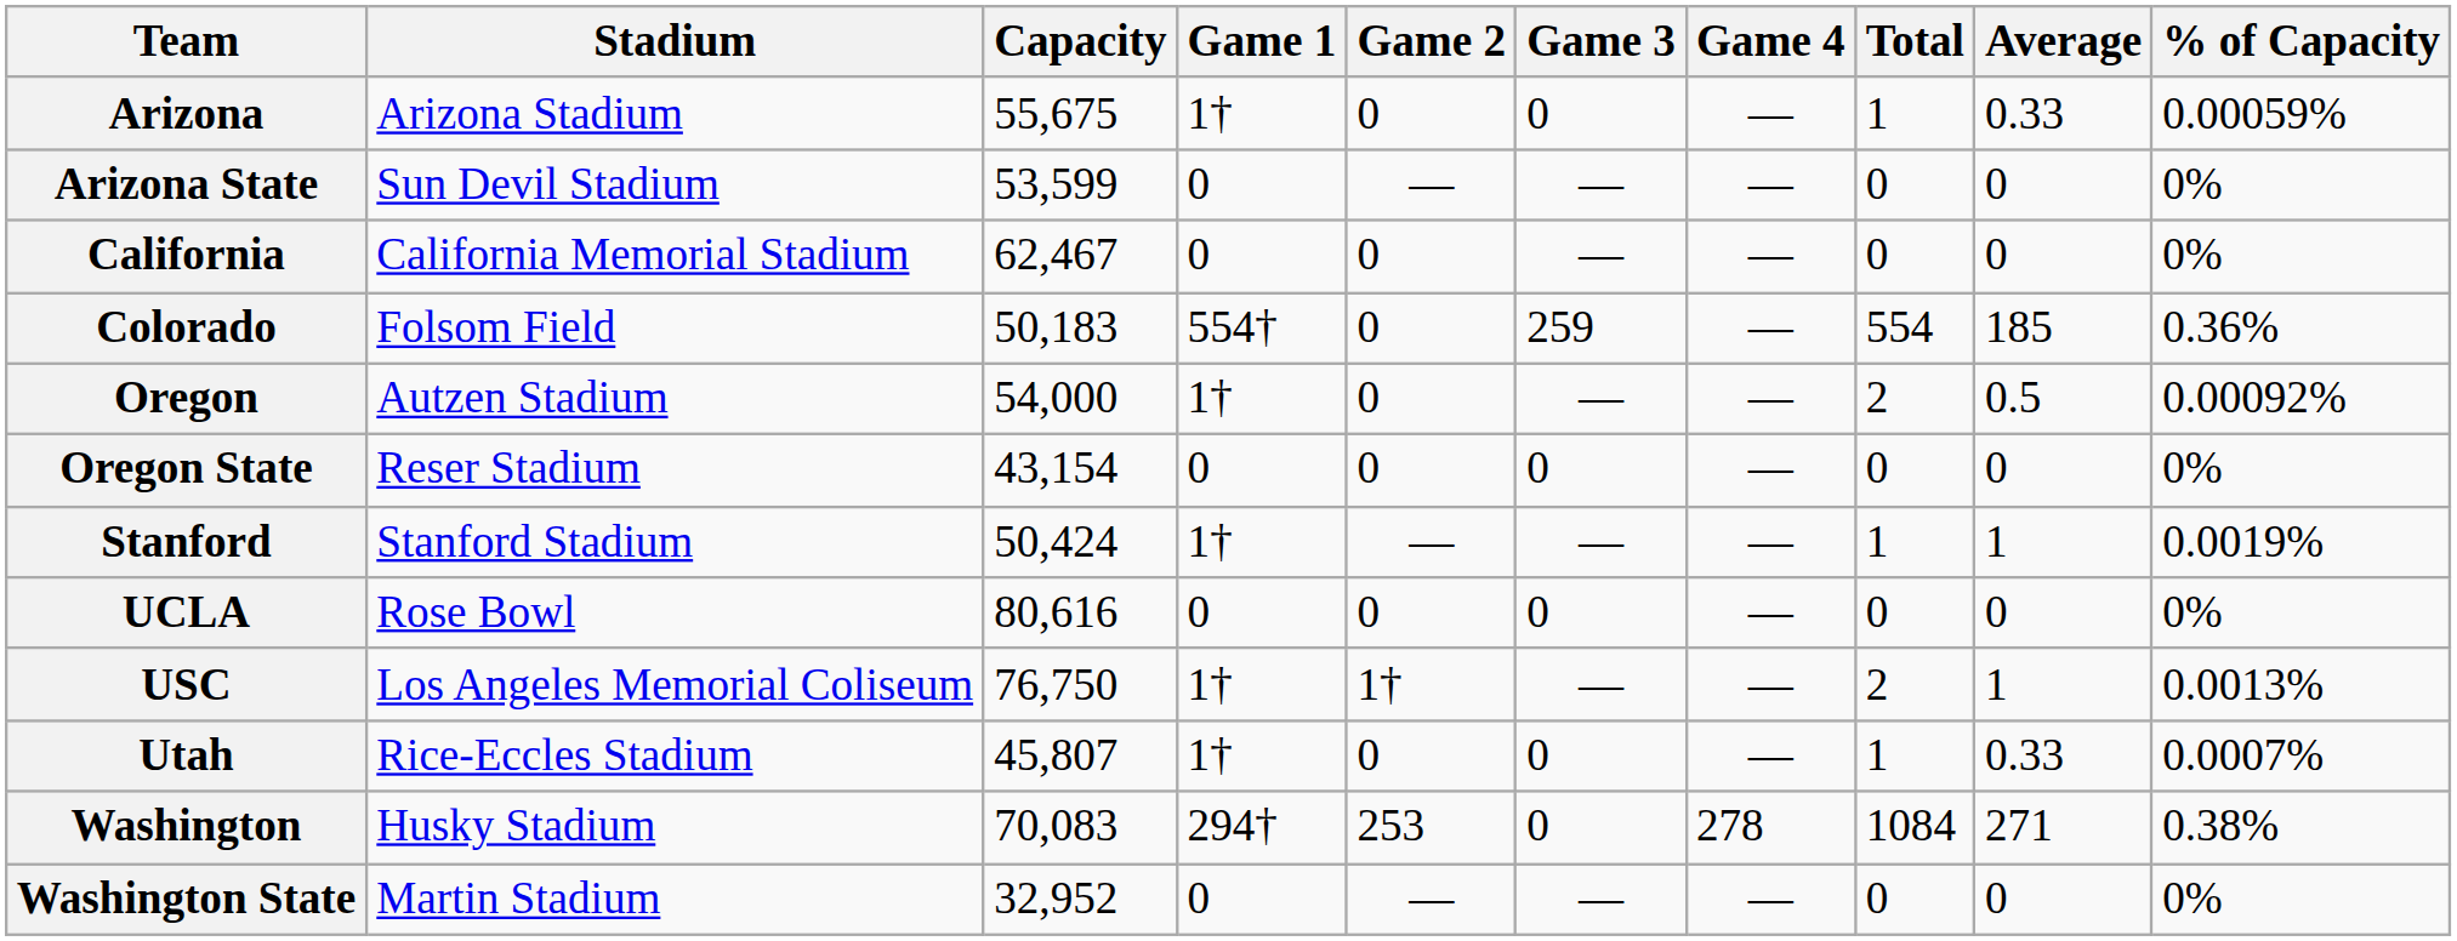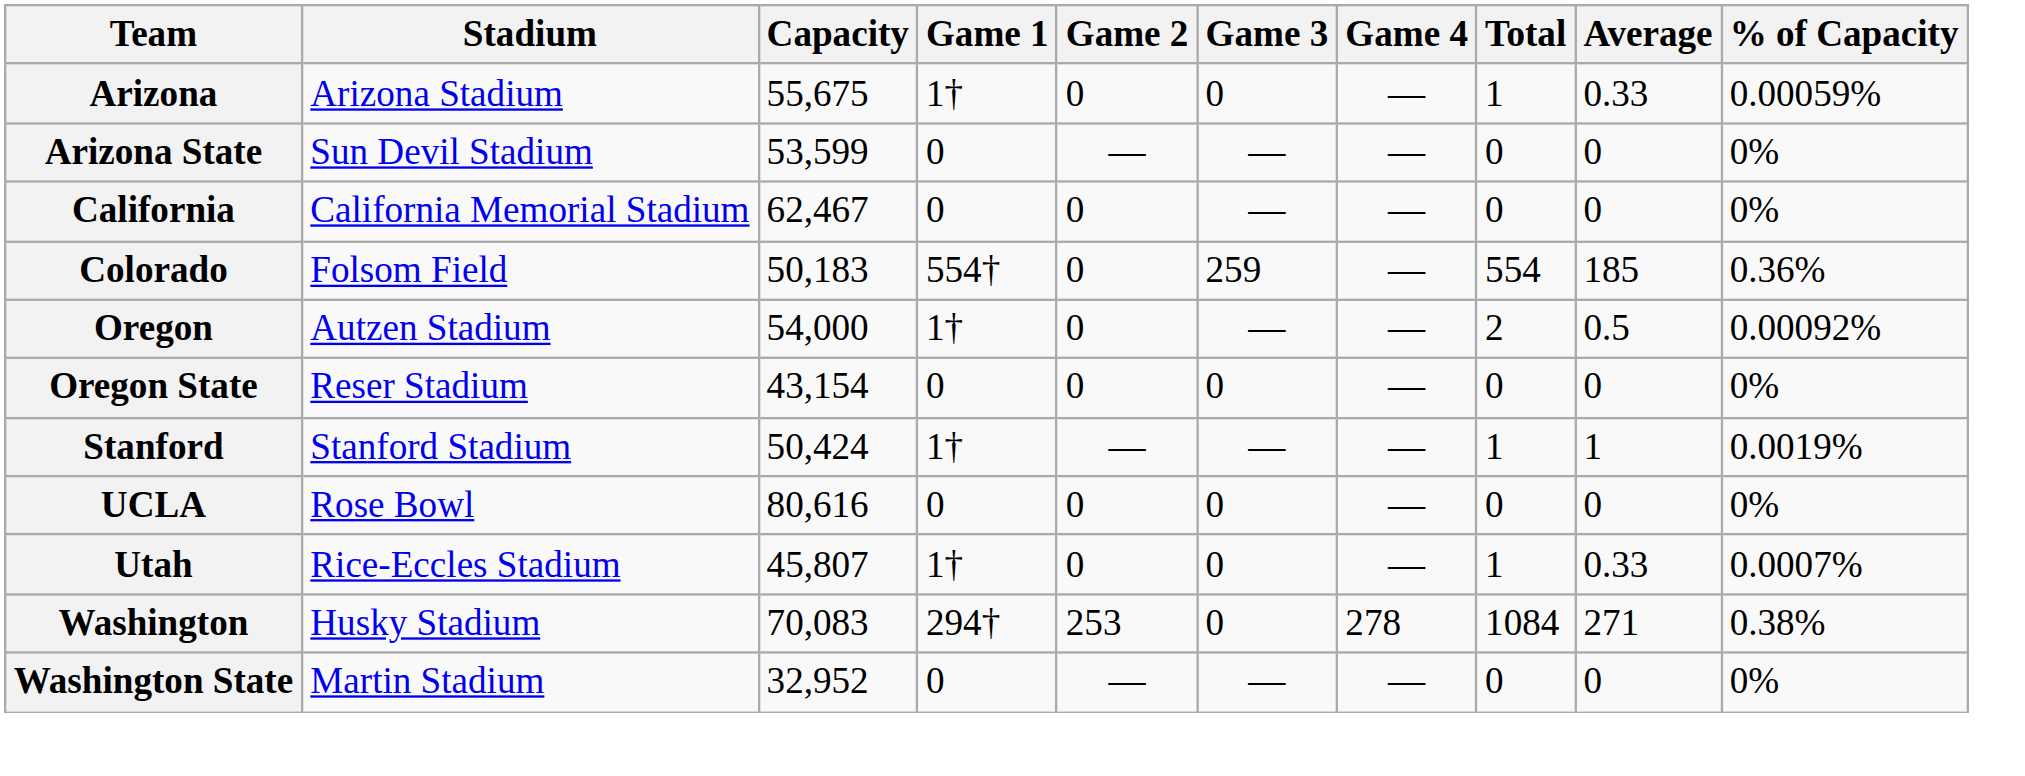 <table class="wikitable">
 <tr>
 <th>Team</th>
 <th>Stadium</th>
 <th>Capacity</th>
 <th>Game 1</th>
 <th>Game 2</th>
 <th>Game 3</th>
 <th>Game 4</th>
 <th>Total</th>
 <th>Average</th>
 <th>% of Capacity</th>
 </tr>
 <tr>
 <th>Arizona</th>
 <td><a href='#'>Arizona Stadium</a></td>
 <td>55,675</td>
 <td>1†</td>
 <td>0</td>
 <td>0</td>
 <td style="text-align:center;">—</td>
 <td>1</td>
 <td>0.33</td>
 <td>0.00059%</td>
 </tr>
 <tr>
 <th>Arizona State</th>
 <td><a href='#'>Sun Devil Stadium</a></td>
 <td>53,599</td>
 <td>0</td>
 <td style="text-align:center;">—</td>
 <td style="text-align:center;">—</td>
 <td style="text-align:center;">—</td>
 <td>0</td>
 <td>0</td>
 <td>0%</td>
 </tr>
 <tr>
 <th>California</th>
 <td><a href='#'>California Memorial Stadium</a></td>
 <td>62,467</td>
 <td>0</td>
 <td>0</td>
 <td style="text-align:center;">—</td>
 <td style="text-align:center;">—</td>
 <td>0</td>
 <td>0</td>
 <td>0%</td>
 </tr>
 <tr>
 <th>Colorado</th>
 <td><a href='#'>Folsom Field</a></td>
 <td>50,183</td>
 <td>554†</td>
 <td>0</td>
 <td>259</td>
 <td style="text-align:center;">—</td>
 <td>554</td>
 <td>185</td>
 <td>0.36%</td>
 </tr>
 <tr>
 <th>Oregon</th>
 <td><a href='#'>Autzen Stadium</a></td>
 <td>54,000</td>
 <td>1†</td>
 <td>0</td>
 <td style="text-align:center;">—</td>
 <td style="text-align:center;">—</td>
 <td>2</td>
 <td>0.5</td>
 <td>0.00092%</td>
 </tr>
 <tr>
 <th>Oregon State</th>
 <td><a href='#'>Reser Stadium</a></td>
 <td>43,154</td>
 <td>0</td>
 <td>0</td>
 <td>0</td>
 <td style="text-align:center;">—</td>
 <td>0</td>
 <td>0</td>
 <td>0%</td>
 </tr>
 <tr>
 <th>Stanford</th>
 <td><a href='#'>Stanford Stadium</a></td>
 <td>50,424</td>
 <td>1†</td>
 <td style="text-align:center;">—</td>
 <td style="text-align:center;">—</td>
 <td style="text-align:center;">—</td>
 <td>1</td>
 <td>1</td>
 <td>0.0019%</td>
 </tr>
 <tr>
 <th>UCLA</th>
 <td><a href='#'>Rose Bowl</a></td>
 <td>80,616</td>
 <td>0</td>
 <td>0</td>
 <td>0</td>
 <td style="text-align:center;">—</td>
 <td>0</td>
 <td>0</td>
 <td>0%</td>
 </tr>
 <tr>
-<th>USC</th>
-<td><a href='#'>Los Angeles Memorial Coliseum</a></td>
-<td>76,750</td>
-<td>1†</td>
-<td>1†</td>
-<td style="text-align:center;">—</td>
-<td style="text-align:center;">—</td>
-<td>2</td>
-<td>1</td>
-<td>0.0013%</td>
-</tr>
-<tr>
 <th>Utah</th>
 <td><a href='#'>Rice-Eccles Stadium</a></td>
 <td>45,807</td>
 <td>1†</td>
 <td>0</td>
 <td>0</td>
 <td style="text-align:center;">—</td>
 <td>1</td>
 <td>0.33</td>
 <td>0.0007%</td>
 </tr>
 <tr>
 <th>Washington</th>
 <td><a href='#'>Husky Stadium</a></td>
 <td>70,083</td>
 <td>294†</td>
 <td>253</td>
 <td>0</td>
 <td>278</td>
 <td>1084</td>
 <td>271</td>
 <td>0.38%</td>
 </tr>
 <tr>
 <th>Washington State</th>
 <td><a href='#'>Martin Stadium</a></td>
 <td>32,952</td>
 <td>0</td>
 <td style="text-align:center;">—</td>
 <td style="text-align:center;">—</td>
 <td style="text-align:center;">—</td>
 <td>0</td>
 <td>0</td>
 <td>0%</td>
 </tr>
 </table>
